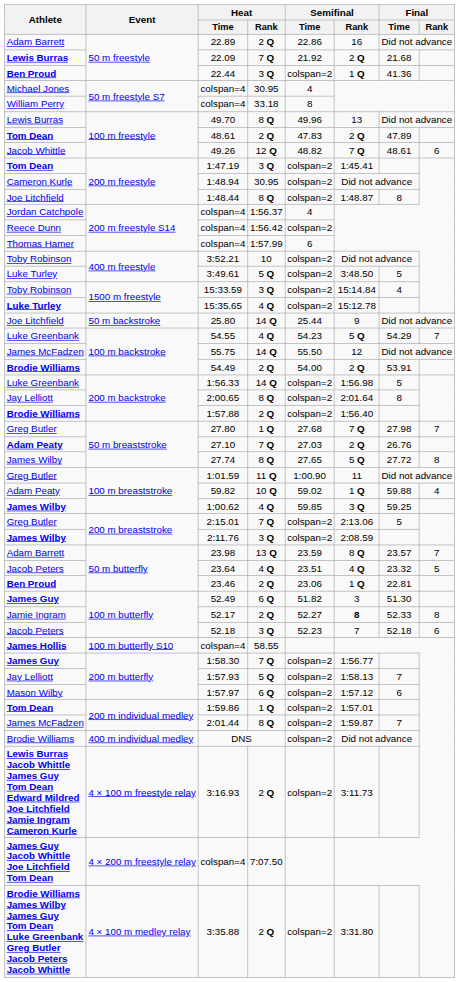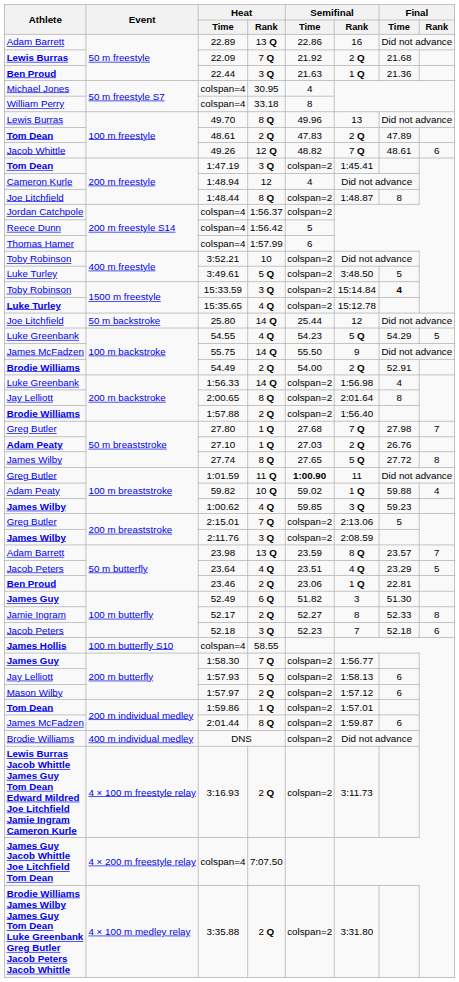 <table class=wikitable style=font-size:90%>
 <tr>
 <th rowspan=2>Athlete</th>
 <th rowspan=2>Event</th>
 <th colspan=2>Heat</th>
 <th colspan=2>Semifinal</th>
 <th colspan=2>Final</th>
 </tr>
 <tr style=font-size:95%>
 <th>Time</th>
 <th>Rank</th>
 <th>Time</th>
 <th>Rank</th>
 <th>Time</th>
 <th>Rank</th>
 </tr>
 <tr align=center>
 <td align=left><a href='#'>Adam Barrett</a></td>
 <td align=left rowspan="3"><a href='#'>50 m freestyle</a></td>
 <td>22.89</td>
-<td>2 <strong>Q</strong></td>
+<td>13 <strong>Q</strong></td>
 <td>22.86</td>
 <td>16</td>
 <td colspan=2>Did not advance</td>
 </tr>
 <tr align=center>
 <td align=left><strong><a href='#'>Lewis Burras</a></strong></td>
 <td>22.09</td>
 <td>7 <strong>Q</strong></td>
 <td>21.92</td>
 <td>2 <strong>Q</strong></td>
 <td>21.68</td>
 <td></td>
 </tr>
 <tr align=center>
 <td align=left><strong><a href='#'>Ben Proud</a></strong></td>
 <td>22.44</td>
 <td>3 <strong>Q</strong></td>
-<td>colspan=2 </td>
+<td>21.63</td>
 <td>1 <strong>Q</strong></td>
-<td>41.36</td>
+<td>21.36</td>
 <td></td>
 </tr>
 <tr align=center>
 <td align=left><a href='#'>Michael Jones</a></td>
 <td align=left rowspan="2"><a href='#'>50 m freestyle S7</a></td>
 <td>colspan=4 </td>
 <td>30.95</td>
 <td>4</td>
 </tr>
 <tr align=center>
 <td align=left><a href='#'>William Perry</a></td>
 <td>colspan=4 </td>
 <td>33.18</td>
 <td>8</td>
 </tr>
 <tr align=center>
 <td align=left><a href='#'>Lewis Burras</a></td>
 <td align=left rowspan="3"><a href='#'>100 m freestyle</a></td>
 <td>49.70</td>
 <td>8 <strong>Q</strong></td>
 <td>49.96</td>
 <td>13</td>
 <td colspan=2>Did not advance</td>
 </tr>
 <tr align=center>
 <td align=left><strong><a href='#'>Tom Dean</a></strong></td>
 <td>48.61</td>
 <td>2 <strong>Q</strong></td>
 <td>47.83</td>
 <td>2 <strong>Q</strong></td>
 <td>47.89</td>
 <td></td>
 </tr>
 <tr align=center>
 <td align=left><a href='#'>Jacob Whittle</a></td>
 <td>49.26</td>
 <td>12 <strong>Q</strong></td>
 <td>48.82</td>
 <td>7 <strong>Q</strong></td>
 <td>48.61</td>
 <td>6</td>
 </tr>
 <tr align=center>
 <td align=left><strong><a href='#'>Tom Dean</a></strong></td>
 <td align=left rowspan="3"><a href='#'>200 m freestyle</a></td>
 <td>1:47.19</td>
 <td>3 <strong>Q</strong></td>
 <td>colspan=2 </td>
 <td>1:45.41</td>
 <td></td>
 </tr>
 <tr align=center>
 <td align=left><a href='#'>Cameron Kurle</a></td>
 <td>1:48.94</td>
-<td>30.95</td>
-<td>colspan=2 </td>
+<td>12</td>
+<td>4</td>
 <td colspan=2>Did not advance</td>
 </tr>
 <tr align=center>
 <td align=left><a href='#'>Joe Litchfield</a></td>
 <td>1:48.44</td>
 <td>8 <strong>Q</strong></td>
 <td>colspan=2 </td>
 <td>1:48.87</td>
 <td>8</td>
 </tr>
 <tr align=center>
 <td align=left><a href='#'>Jordan Catchpole</a></td>
 <td align=left rowspan="3"><a href='#'>200 m freestyle S14</a></td>
 <td>colspan=4 </td>
 <td>1:56.37</td>
-<td>4</td>
+<td>colspan=2 </td>
 </tr>
 <tr align=center>
 <td align=left><a href='#'>Reece Dunn</a></td>
 <td>colspan=4 </td>
 <td>1:56.42</td>
-<td>colspan=2 </td>
+<td>5</td>
 </tr>
 <tr align=center>
 <td align=left><a href='#'>Thomas Hamer</a></td>
 <td>colspan=4 </td>
 <td>1:57.99</td>
 <td>6</td>
 </tr>
 <tr align=center>
 <td align=left><a href='#'>Toby Robinson</a></td>
 <td align=left rowspan="2"><a href='#'>400 m freestyle</a></td>
 <td>3:52.21</td>
 <td>10</td>
 <td>colspan=2 </td>
 <td colspan=2>Did not advance</td>
 </tr>
 <tr align=center>
 <td align=left><a href='#'>Luke Turley</a></td>
 <td>3:49.61</td>
 <td>5 <strong>Q</strong></td>
 <td>colspan=2 </td>
 <td>3:48.50</td>
 <td>5</td>
 </tr>
 <tr align=center>
 <td align=left><a href='#'>Toby Robinson</a></td>
 <td align=left rowspan="2"><a href='#'>1500 m freestyle</a></td>
 <td>15:33.59</td>
 <td>3 <strong>Q</strong></td>
 <td>colspan=2 </td>
 <td>15:14.84</td>
-<td>4</td>
+<td><strong>4</strong></td>
 </tr>
 <tr align=center>
 <td align=left><strong><a href='#'>Luke Turley</a></strong></td>
 <td>15:35.65</td>
 <td>4 <strong>Q</strong></td>
 <td>colspan=2 </td>
 <td>15:12.78</td>
 <td></td>
 </tr>
 <tr align=center>
 <td align=left><a href='#'>Joe Litchfield</a></td>
 <td style="text-align:left;"><a href='#'>50 m backstroke</a></td>
 <td>25.80</td>
 <td>14 <strong>Q</strong></td>
 <td>25.44</td>
-<td>9</td>
+<td>12</td>
 <td colspan=2>Did not advance</td>
 </tr>
 <tr align=center>
 <td align=left><a href='#'>Luke Greenbank</a></td>
 <td align=left rowspan=3><a href='#'>100 m backstroke</a></td>
 <td>54.55</td>
 <td>4 <strong>Q</strong></td>
 <td>54.23</td>
 <td>5 <strong>Q</strong></td>
 <td>54.29</td>
-<td>7</td>
+<td>5</td>
 </tr>
 <tr align=center>
 <td align=left><a href='#'>James McFadzen</a></td>
 <td>55.75</td>
 <td>14 <strong>Q</strong></td>
 <td>55.50</td>
-<td>12</td>
+<td>9</td>
 <td colspan=2>Did not advance</td>
 </tr>
 <tr align=center>
 <td align=left><strong><a href='#'>Brodie Williams</a></strong></td>
 <td>54.49</td>
 <td>2 <strong>Q</strong></td>
 <td>54.00</td>
 <td>2 <strong>Q</strong></td>
-<td>53.91</td>
+<td>52.91</td>
 <td></td>
 </tr>
 <tr align=center>
 <td align=left><a href='#'>Luke Greenbank</a></td>
 <td align=left rowspan="3"><a href='#'>200 m backstroke</a></td>
 <td>1:56.33</td>
 <td>14 <strong>Q</strong></td>
 <td>colspan=2 </td>
 <td>1:56.98</td>
-<td>5</td>
+<td>4</td>
 </tr>
 <tr align=center>
 <td align=left><a href='#'>Jay Lelliott</a></td>
 <td>2:00.65</td>
 <td>8 <strong>Q</strong></td>
 <td>colspan=2 </td>
 <td>2:01.64</td>
 <td>8</td>
 </tr>
 <tr align=center>
 <td align=left><strong><a href='#'>Brodie Williams</a></strong></td>
 <td>1:57.88</td>
 <td>2 <strong>Q</strong></td>
 <td>colspan=2 </td>
 <td>1:56.40</td>
 <td></td>
 </tr>
 <tr align=center>
 <td align=left><a href='#'>Greg Butler</a></td>
 <td align=left rowspan=3><a href='#'>50 m breaststroke</a></td>
 <td>27.80</td>
 <td>1 <strong>Q</strong></td>
 <td>27.68</td>
 <td>7 <strong>Q</strong></td>
 <td>27.98</td>
 <td>7</td>
 </tr>
 <tr align=center>
 <td align=left><strong><a href='#'>Adam Peaty</a></strong></td>
 <td>27.10</td>
-<td>7 <strong>Q</strong></td>
+<td>1 <strong>Q</strong></td>
 <td>27.03</td>
 <td>2 <strong>Q</strong></td>
 <td>26.76</td>
 <td></td>
 </tr>
 <tr align=center>
 <td align=left><a href='#'>James Wilby</a></td>
 <td>27.74</td>
 <td>8 <strong>Q</strong></td>
 <td>27.65</td>
 <td>5 <strong>Q</strong></td>
 <td>27.72</td>
 <td>8</td>
 </tr>
 <tr align=center>
 <td align=left><a href='#'>Greg Butler</a></td>
 <td align=left rowspan="3"><a href='#'>100 m breaststroke</a></td>
 <td>1:01.59</td>
 <td>11 <strong>Q</strong></td>
-<td>1:00.90</td>
+<td><strong>1:00.90</strong></td>
 <td>11</td>
 <td colspan=2>Did not advance</td>
 </tr>
 <tr align=center>
 <td align=left><a href='#'>Adam Peaty</a></td>
 <td>59.82</td>
 <td>10 <strong>Q</strong></td>
 <td>59.02</td>
 <td>1 <strong>Q</strong></td>
 <td>59.88</td>
 <td>4</td>
 </tr>
 <tr align=center>
 <td align=left><strong><a href='#'>James Wilby</a></strong></td>
 <td>1:00.62</td>
 <td>4 <strong>Q</strong></td>
 <td>59.85</td>
 <td>3 <strong>Q</strong></td>
-<td>59.25</td>
+<td>59.23</td>
 <td></td>
 </tr>
 <tr align=center>
 <td align=left><a href='#'>Greg Butler</a></td>
 <td align=left rowspan="2"><a href='#'>200 m breaststroke</a></td>
 <td>2:15.01</td>
 <td>7 <strong>Q</strong></td>
 <td>colspan=2 </td>
 <td>2:13.06</td>
 <td>5</td>
 </tr>
 <tr align=center>
 <td align=left><strong><a href='#'>James Wilby</a></strong></td>
 <td>2:11.76</td>
 <td>3 <strong>Q</strong></td>
 <td>colspan=2 </td>
 <td>2:08.59</td>
 <td></td>
 </tr>
 <tr align=center>
 <td align=left><a href='#'>Adam Barrett</a></td>
 <td align=left rowspan="3"><a href='#'>50 m butterfly</a></td>
 <td>23.98</td>
 <td>13 <strong>Q</strong></td>
 <td>23.59</td>
 <td>8 <strong>Q</strong></td>
 <td>23.57</td>
 <td>7</td>
 </tr>
 <tr align=center>
 <td align=left><a href='#'>Jacob Peters</a></td>
 <td>23.64</td>
 <td>4 <strong>Q</strong></td>
 <td>23.51</td>
 <td>4 <strong>Q</strong></td>
-<td>23.32</td>
+<td>23.29</td>
 <td>5</td>
 </tr>
 <tr align=center>
 <td align=left><strong><a href='#'>Ben Proud</a></strong></td>
 <td>23.46</td>
 <td>2 <strong>Q</strong></td>
 <td>23.06</td>
 <td>1 <strong>Q</strong></td>
 <td>22.81</td>
 <td></td>
 </tr>
 <tr align=center>
 <td align=left><strong><a href='#'>James Guy</a></strong></td>
 <td align=left rowspan="3"><a href='#'>100 m butterfly</a></td>
 <td>52.49</td>
 <td>6 <strong>Q</strong></td>
 <td>51.82</td>
 <td>3</td>
 <td>51.30</td>
 <td></td>
 </tr>
 <tr align=center>
 <td align=left><a href='#'>Jamie Ingram</a></td>
 <td>52.17</td>
 <td>2 <strong>Q</strong></td>
 <td>52.27</td>
-<td><strong>8</strong></td>
+<td>8</td>
 <td>52.33</td>
 <td>8</td>
 </tr>
 <tr align=center>
 <td align=left><a href='#'>Jacob Peters</a></td>
 <td>52.18</td>
 <td>3 <strong>Q</strong></td>
 <td>52.23</td>
 <td>7</td>
 <td>52.18</td>
 <td>6</td>
 </tr>
 <tr align=center>
 <td align=left><strong><a href='#'>James Hollis</a></strong></td>
 <td align=left rowspan="1"><a href='#'>100 m butterfly S10</a></td>
 <td>colspan=4 </td>
 <td>58.55</td>
 <td></td>
 </tr>
 <tr align=center>
 <td align=left><strong><a href='#'>James Guy</a></strong></td>
 <td align=left rowspan=3><a href='#'>200 m butterfly</a></td>
 <td>1:58.30</td>
 <td>7 <strong>Q</strong></td>
 <td>colspan=2 </td>
 <td>1:56.77</td>
 <td></td>
 </tr>
 <tr align=center>
 <td align=left><a href='#'>Jay Lelliott</a></td>
 <td>1:57.93</td>
 <td>5 <strong>Q</strong></td>
 <td>colspan=2 </td>
 <td>1:58.13</td>
-<td>7</td>
+<td>6</td>
 </tr>
 <tr align=center>
 <td align=left><a href='#'>Mason Wilby</a></td>
 <td>1:57.97</td>
-<td>6 <strong>Q</strong></td>
+<td>2 <strong>Q</strong></td>
 <td>colspan=2 </td>
 <td>1:57.12</td>
 <td>6</td>
 </tr>
 <tr align=center>
 <td align=left><strong><a href='#'>Tom Dean</a></strong></td>
 <td align=left rowspan="2"><a href='#'>200 m individual medley</a></td>
 <td>1:59.86</td>
 <td>1 <strong>Q</strong></td>
 <td>colspan=2 </td>
 <td>1:57.01</td>
 <td></td>
 </tr>
 <tr align=center>
 <td align=left><a href='#'>James McFadzen</a></td>
 <td>2:01.44</td>
 <td>8 <strong>Q</strong></td>
 <td>colspan=2 </td>
 <td>1:59.87</td>
-<td>7</td>
+<td>6</td>
 </tr>
 <tr align=center>
 <td align=left><a href='#'>Brodie Williams</a></td>
 <td align=left rowspan="1"><a href='#'>400 m individual medley</a></td>
 <td colspan=2>DNS</td>
 <td>colspan=2 </td>
 <td colspan=2>Did not advance</td>
 </tr>
 <tr align=center>
 <td align=left><strong><a href='#'>Lewis Burras</a></strong><br><strong><a href='#'>Jacob Whittle</a></strong><br><strong><a href='#'>James Guy</a></strong><br><strong><a href='#'>Tom Dean</a></strong><br><strong><a href='#'>Edward Mildred</a></strong><br><strong><a href='#'>Joe Litchfield</a></strong><br><strong><a href='#'>Jamie Ingram</a></strong><br><strong><a href='#'>Cameron Kurle</a></strong></td>
 <td align=left><a href='#'>4 × 100 m freestyle relay</a></td>
 <td>3:16.93</td>
 <td>2 <strong>Q</strong></td>
 <td>colspan=2 </td>
 <td>3:11.73</td>
 <td></td>
 </tr>
 <tr align=center>
 <td align=left><strong><a href='#'>James Guy</a></strong><br><strong><a href='#'>Jacob Whittle</a></strong><br><strong><a href='#'>Joe Litchfield</a></strong><br><strong><a href='#'>Tom Dean</a></strong></td>
 <td align=left><a href='#'>4 × 200 m freestyle relay</a></td>
 <td>colspan=4 </td>
 <td>7:07.50</td>
 <td></td>
 </tr>
 <tr align=center>
 <td align=left><strong><a href='#'>Brodie Williams</a></strong><br><strong><a href='#'>James Wilby</a></strong><br><strong><a href='#'>James Guy</a></strong><br><strong><a href='#'>Tom Dean</a></strong><br><strong><a href='#'>Luke Greenbank</a></strong><br><strong><a href='#'>Greg Butler</a></strong><br><strong><a href='#'>Jacob Peters</a></strong><br><strong><a href='#'>Jacob Whittle</a></strong></td>
 <td align=left><a href='#'>4 × 100 m medley relay</a></td>
 <td>3:35.88</td>
 <td>2 <strong>Q</strong></td>
 <td>colspan=2 </td>
 <td>3:31.80</td>
 <td></td>
 </tr>
 </table>
